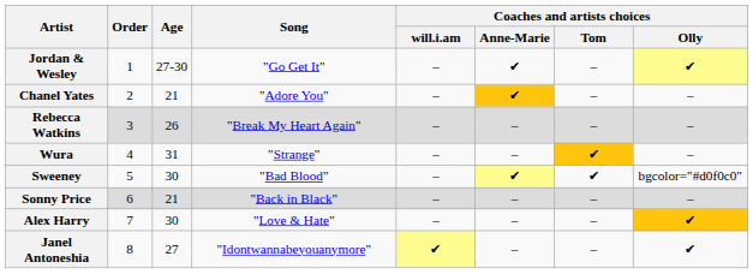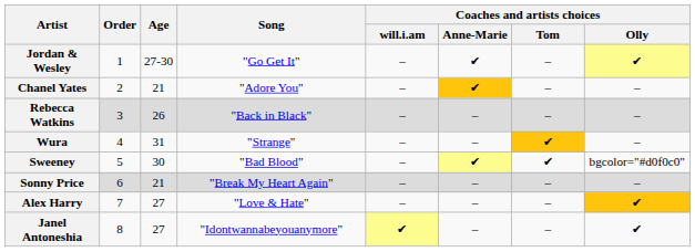 <table class="wikitable" style="text-align:center; width:100%">
 <tr>
 <th scope="col" rowspan="2" style="width:13%">Artist</th>
 <th scope="col" rowspan="2" style="width:05%">Order</th>
 <th scope="col" rowspan="2" style="width:05%">Age</th>
 <th scope="col" rowspan="2" style="width:26%">Song</th>
 <th scope="row" colspan="4" style="width:40%">Coaches and artists choices</th>
 </tr>
 <tr>
 <th style="width:10%">will.i.am</th>
 <th style="width:10%">Anne-Marie</th>
 <th style="width:10%">Tom</th>
 <th style="width:10%">Olly</th>
 </tr>
 <tr>
 <th scope="row">Jordan & Wesley</th>
 <td>1</td>
 <td>27-30</td>
 <td>"<a href='#'>Go Get It</a>"</td>
 <td>–</td>
 <td>✔</td>
 <td>–</td>
 <td style="background:#fdfc8f">✔</td>
 </tr>
 <tr>
 <th scope="row">Chanel Yates</th>
 <td>2</td>
 <td>21</td>
 <td>"<a href='#'>Adore You</a>"</td>
 <td>–</td>
 <td style="background:#ffc40c">✔</td>
 <td>–</td>
 <td>–</td>
 </tr>
 <tr style="background:#DCDCDC">
 <th scope="row">Rebecca Watkins</th>
 <td>3</td>
 <td>26</td>
-<td>"<a href='#'>Break My Heart Again</a>"</td>
+<td>"<a href='#'>Back in Black</a>"</td>
 <td>–</td>
 <td>–</td>
 <td>–</td>
 <td>–</td>
 </tr>
 <tr>
 <th scope="row">Wura</th>
 <td>4</td>
 <td>31</td>
 <td>"<a href='#'>Strange</a>"</td>
 <td>–</td>
 <td>–</td>
 <td style="background:#ffc40c">✔</td>
 <td>–</td>
 </tr>
 <tr>
 <th scope="row">Sweeney</th>
 <td>5</td>
 <td>30</td>
 <td>"<a href='#'>Bad Blood</a>"</td>
 <td>–</td>
 <td style="background:#fdfc8f">✔</td>
 <td>✔</td>
 <td>bgcolor="#d0f0c0"</td>
 </tr>
 <tr style="background:#DCDCDC">
 <th scope="row">Sonny Price</th>
 <td>6</td>
 <td>21</td>
-<td>"<a href='#'>Back in Black</a>"</td>
+<td>"<a href='#'>Break My Heart Again</a>"</td>
 <td>–</td>
 <td>–</td>
 <td>–</td>
 <td>–</td>
 </tr>
 <tr>
 <th scope="row">Alex Harry</th>
 <td>7</td>
-<td>30</td>
+<td>27</td>
 <td>"<a href='#'>Love & Hate</a>"</td>
 <td>–</td>
 <td>–</td>
 <td>–</td>
 <td style="background:#ffc40c">✔</td>
 </tr>
 <tr>
 <th scope="row">Janel Antoneshia</th>
 <td>8</td>
 <td>27</td>
 <td>"<a href='#'>Idontwannabeyouanymore</a>"</td>
 <td style="background:#fdfc8f">✔</td>
 <td>–</td>
 <td>–</td>
 <td>✔</td>
 </tr>
 </table>
